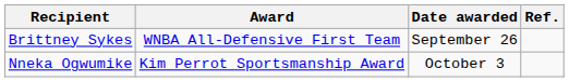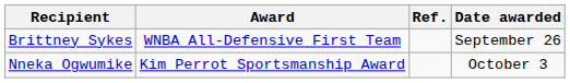 <table class="wikitable sortable sortable" style="text-align: center">
 <tr>
 <th>Recipient</th>
 <th>Award</th>
+<th>Ref.</th>
 <th>Date awarded</th>
-<th>Ref.</th>
 </tr>
 <tr>
 <td><a href='#'>Brittney Sykes</a></td>
 <td><a href='#'>WNBA All-Defensive First Team</a></td>
+<td></td>
 <td>September 26</td>
-<td></td>
 </tr>
 <tr>
 <td><a href='#'>Nneka Ogwumike</a></td>
 <td><a href='#'>Kim Perrot Sportsmanship Award</a></td>
+<td></td>
 <td>October 3</td>
-<td></td>
 </tr>
 </table>
